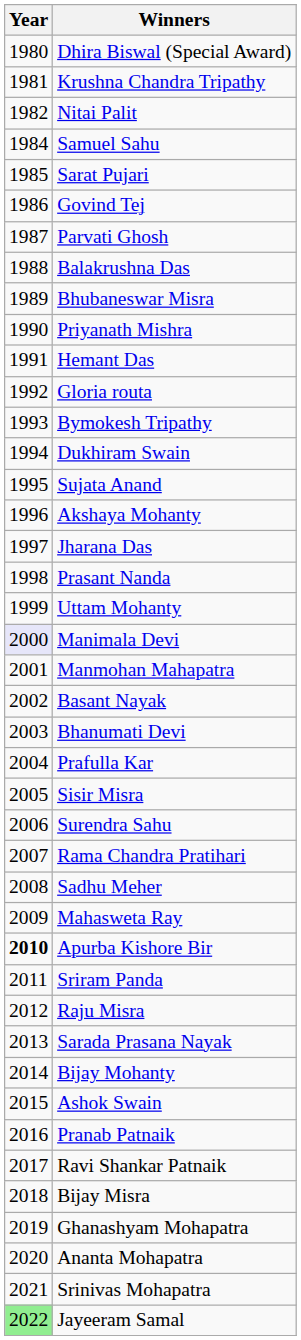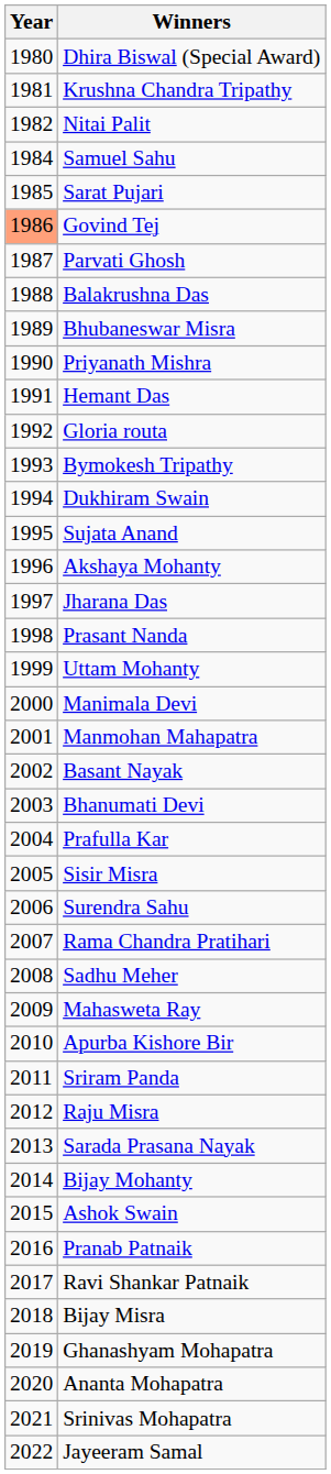 <table class="wikitable sortable">
 <tr>
 <th>Year</th>
 <th>Winners </th>
 </tr>
 <tr>
 <td>1980</td>
 <td><a href='#'>Dhira Biswal</a> (Special Award)</td>
 </tr>
 <tr>
 <td>1981</td>
 <td><a href='#'>Krushna Chandra Tripathy</a></td>
 </tr>
 <tr>
 <td>1982</td>
 <td><a href='#'>Nitai Palit</a></td>
 </tr>
 <tr>
 <td>1984</td>
 <td><a href='#'>Samuel Sahu</a></td>
 </tr>
 <tr>
 <td>1985</td>
 <td><a href='#'>Sarat Pujari</a></td>
 </tr>
 <tr>
-<td>1986</td>
+<td style="background: lightsalmon;">1986</td>
 <td><a href='#'>Govind Tej</a></td>
 </tr>
 <tr>
 <td>1987</td>
 <td><a href='#'>Parvati Ghosh</a></td>
 </tr>
 <tr>
 <td>1988</td>
 <td><a href='#'>Balakrushna Das</a></td>
 </tr>
 <tr>
 <td>1989</td>
 <td><a href='#'>Bhubaneswar Misra</a></td>
 </tr>
 <tr>
 <td>1990</td>
 <td><a href='#'>Priyanath Mishra</a></td>
 </tr>
 <tr>
 <td>1991</td>
 <td><a href='#'>Hemant Das</a></td>
 </tr>
 <tr>
 <td>1992</td>
 <td><a href='#'>Gloria routa</a></td>
 </tr>
 <tr>
 <td>1993</td>
 <td><a href='#'>Bymokesh Tripathy</a></td>
 </tr>
 <tr>
 <td>1994</td>
 <td><a href='#'>Dukhiram Swain</a></td>
 </tr>
 <tr>
 <td>1995</td>
 <td><a href='#'>Sujata Anand</a></td>
 </tr>
 <tr>
 <td>1996</td>
 <td><a href='#'>Akshaya Mohanty</a></td>
 </tr>
 <tr>
 <td>1997</td>
 <td><a href='#'>Jharana Das</a></td>
 </tr>
 <tr>
 <td>1998</td>
 <td><a href='#'>Prasant Nanda</a></td>
 </tr>
 <tr>
 <td>1999</td>
 <td><a href='#'>Uttam Mohanty</a></td>
 </tr>
 <tr>
-<td style="background: lavender;">2000</td>
+<td>2000</td>
 <td><a href='#'>Manimala Devi</a></td>
 </tr>
 <tr>
 <td>2001</td>
 <td><a href='#'>Manmohan Mahapatra</a></td>
 </tr>
 <tr>
 <td>2002</td>
 <td><a href='#'>Basant Nayak</a></td>
 </tr>
 <tr>
 <td>2003</td>
 <td><a href='#'>Bhanumati Devi</a></td>
 </tr>
 <tr>
 <td>2004</td>
 <td><a href='#'>Prafulla Kar</a></td>
 </tr>
 <tr>
 <td>2005</td>
 <td><a href='#'>Sisir Misra</a></td>
 </tr>
 <tr>
 <td>2006</td>
 <td><a href='#'>Surendra Sahu</a></td>
 </tr>
 <tr>
 <td>2007</td>
 <td><a href='#'>Rama Chandra Pratihari</a></td>
 </tr>
 <tr>
 <td>2008</td>
 <td><a href='#'>Sadhu Meher</a></td>
 </tr>
 <tr>
 <td>2009</td>
 <td><a href='#'>Mahasweta Ray</a></td>
 </tr>
 <tr>
-<td><strong>2010</strong></td>
+<td>2010</td>
 <td><a href='#'>Apurba Kishore Bir</a></td>
 </tr>
 <tr>
 <td>2011</td>
 <td><a href='#'>Sriram Panda</a></td>
 </tr>
 <tr>
 <td>2012</td>
 <td><a href='#'>Raju Misra</a></td>
 </tr>
 <tr>
 <td>2013</td>
 <td><a href='#'>Sarada Prasana Nayak</a></td>
 </tr>
 <tr>
 <td>2014</td>
 <td><a href='#'>Bijay Mohanty</a></td>
 </tr>
 <tr>
 <td>2015</td>
 <td><a href='#'>Ashok Swain</a></td>
 </tr>
 <tr>
 <td>2016</td>
 <td><a href='#'>Pranab Patnaik</a></td>
 </tr>
 <tr>
 <td>2017</td>
 <td>Ravi Shankar Patnaik</td>
 </tr>
 <tr>
 <td>2018</td>
 <td>Bijay Misra</td>
 </tr>
 <tr>
 <td>2019</td>
 <td>Ghanashyam Mohapatra</td>
 </tr>
 <tr>
 <td>2020</td>
 <td>Ananta Mohapatra</td>
 </tr>
 <tr>
 <td>2021</td>
 <td>Srinivas Mohapatra</td>
 </tr>
 <tr>
-<td style="background: lightgreen;">2022</td>
+<td>2022</td>
 <td>Jayeeram Samal</td>
 </tr>
 </table>
